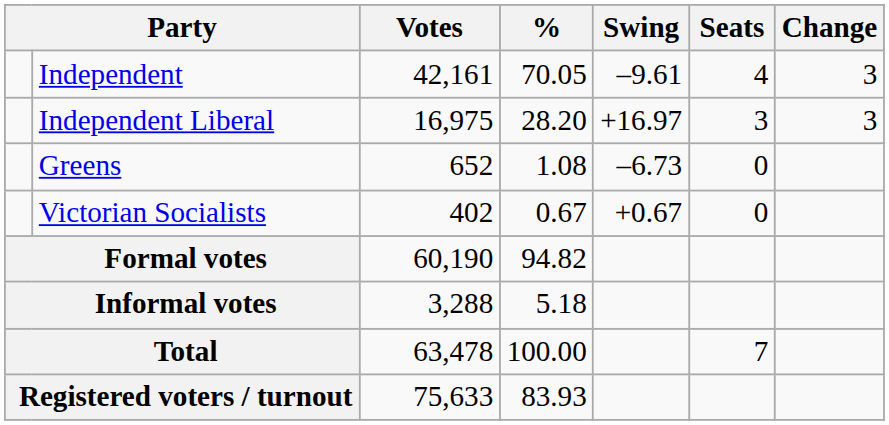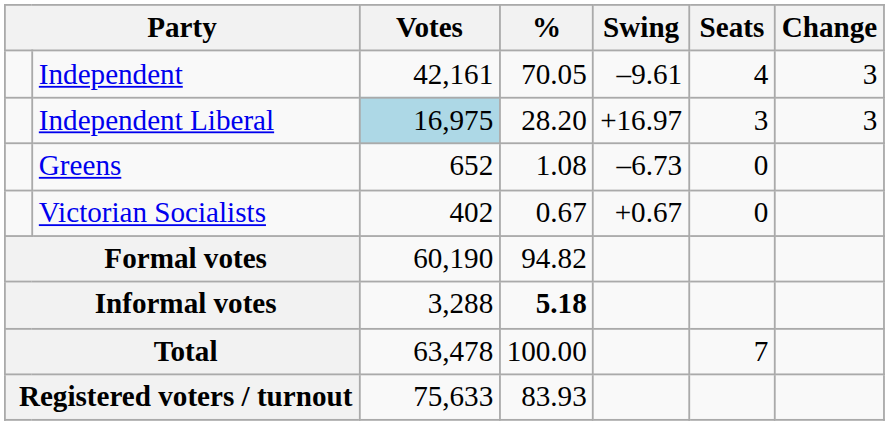 <table class="wikitable" style="text-align:right; margin-bottom:0">
 <tr>
 <th colspan="3" style="width:10px">Party</th>
 <th style="width:70px;">Votes</th>
 <th style="width:40px;">%</th>
 <th style="width:40px;">Swing</th>
 <th style="width:40px;">Seats</th>
 <th style="width:40px;">Change</th>
 </tr>
 <tr>
 <td> </td>
 <td colspan="2" style="text-align:left;"><a href='#'>Independent</a></td>
 <td style="width:70px;">42,161</td>
 <td style="width:40px;">70.05</td>
 <td style="width:45px;">–9.61</td>
 <td style="width:40px;">4</td>
 <td style="width:40px;"> 3</td>
 </tr>
 <tr>
 <td> </td>
 <td colspan="2" style="text-align:left;"><a href='#'>Independent Liberal</a></td>
-<td>16,975</td>
+<td style="background: lightblue;">16,975</td>
 <td>28.20</td>
 <td>+16.97</td>
 <td>3</td>
 <td> 3</td>
 </tr>
 <tr>
 <td> </td>
 <td colspan="2" style="text-align:left;"><a href='#'>Greens</a></td>
 <td>652</td>
 <td>1.08</td>
 <td>–6.73</td>
 <td>0</td>
 <td></td>
 </tr>
 <tr>
 <td> </td>
 <td colspan="2"  style="text-align:left;"><a href='#'>Victorian Socialists</a></td>
 <td>402</td>
 <td>0.67</td>
 <td>+0.67</td>
 <td>0</td>
 <td></td>
 </tr>
 <tr>
 <th colspan="3" rowspan="1"> Formal votes</th>
 <td>60,190</td>
 <td>94.82</td>
 <td></td>
 <td></td>
 <td></td>
 </tr>
 <tr>
 <th colspan="3" rowspan="1"> Informal votes</th>
 <td>3,288</td>
-<td>5.18</td>
+<td><strong>5.18</strong></td>
 <td></td>
 <td></td>
 <td></td>
 </tr>
 <tr>
 <th colspan="3" rowspan="1"> Total</th>
 <td>63,478</td>
 <td>100.00</td>
 <td></td>
 <td>7</td>
 <td></td>
 </tr>
 <tr>
 <th colspan="3" rowspan="1"> Registered voters / turnout</th>
 <td>75,633</td>
 <td>83.93</td>
 <td></td>
 <td></td>
 <td></td>
 </tr>
 </table>
